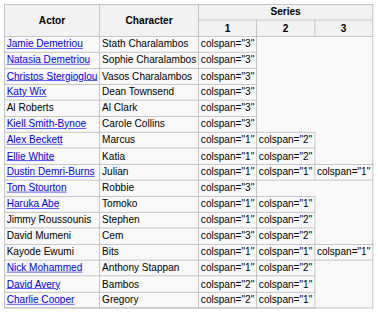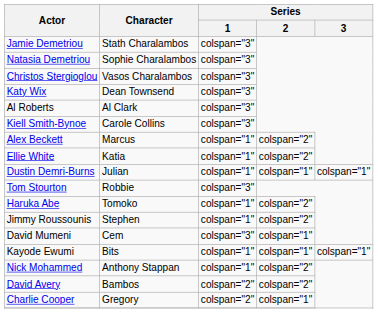 <table class="wikitable">
 <tr>
 <th rowspan="2">Actor</th>
 <th rowspan="2">Character</th>
 <th colspan="3">Series</th>
 </tr>
 <tr>
 <th style="width:50pt;">1</th>
 <th style="width:50pt;">2</th>
 <th style="width:50pt;">3</th>
 </tr>
 <tr>
 <td><a href='#'>Jamie Demetriou</a></td>
 <td>Stath Charalambos</td>
 <td>colspan="3" </td>
 </tr>
 <tr>
 <td><a href='#'>Natasia Demetriou</a></td>
 <td>Sophie Charalambos</td>
 <td>colspan="3" </td>
 </tr>
 <tr>
 <td><a href='#'>Christos Stergioglou</a></td>
 <td>Vasos Charalambos</td>
 <td>colspan="3" </td>
 </tr>
 <tr>
 <td><a href='#'>Katy Wix</a></td>
 <td>Dean Townsend</td>
 <td>colspan="3" </td>
 </tr>
 <tr>
 <td>Al Roberts</td>
 <td>Al Clark</td>
 <td>colspan="3" </td>
 </tr>
 <tr>
 <td><a href='#'>Kiell Smith-Bynoe</a></td>
 <td>Carole Collins</td>
 <td>colspan="3" </td>
 </tr>
 <tr>
 <td><a href='#'>Alex Beckett</a></td>
 <td>Marcus</td>
 <td>colspan="1"</td>
 <td>colspan="2"</td>
 </tr>
 <tr>
 <td><a href='#'>Ellie White</a></td>
 <td>Katia</td>
 <td>colspan="1"</td>
 <td>colspan="2"</td>
 </tr>
 <tr>
 <td><a href='#'>Dustin Demri-Burns</a></td>
 <td>Julian</td>
 <td>colspan="1"</td>
 <td>colspan="1"</td>
 <td>colspan="1"</td>
 </tr>
 <tr>
 <td><a href='#'>Tom Stourton</a></td>
 <td>Robbie</td>
 <td>colspan="3"</td>
 </tr>
 <tr>
 <td><a href='#'>Haruka Abe</a></td>
 <td>Tomoko</td>
 <td>colspan="1"</td>
-<td>colspan="1"</td>
+<td>colspan="2"</td>
 </tr>
 <tr>
 <td>Jimmy Roussounis</td>
 <td>Stephen</td>
 <td>colspan="1"</td>
 <td>colspan="2"</td>
 </tr>
 <tr>
 <td>David Mumeni</td>
 <td>Cem</td>
 <td>colspan="3" </td>
-<td>colspan="2"</td>
+<td>colspan="1"</td>
 </tr>
 <tr>
 <td>Kayode Ewumi</td>
 <td>Bits</td>
 <td>colspan="1"</td>
 <td>colspan="1"</td>
 <td>colspan="1"</td>
 </tr>
 <tr>
 <td><a href='#'>Nick Mohammed</a></td>
 <td>Anthony Stappan</td>
 <td>colspan="1"</td>
 <td>colspan="2"</td>
 </tr>
 <tr>
 <td><a href='#'>David Avery</a></td>
 <td>Bambos</td>
 <td>colspan="2"</td>
-<td>colspan="1"</td>
+<td>colspan="2"</td>
 </tr>
 <tr>
 <td><a href='#'>Charlie Cooper</a></td>
 <td>Gregory</td>
 <td>colspan="2"</td>
 <td>colspan="1"</td>
 </tr>
 <tr>
 </tr>
 </table>
